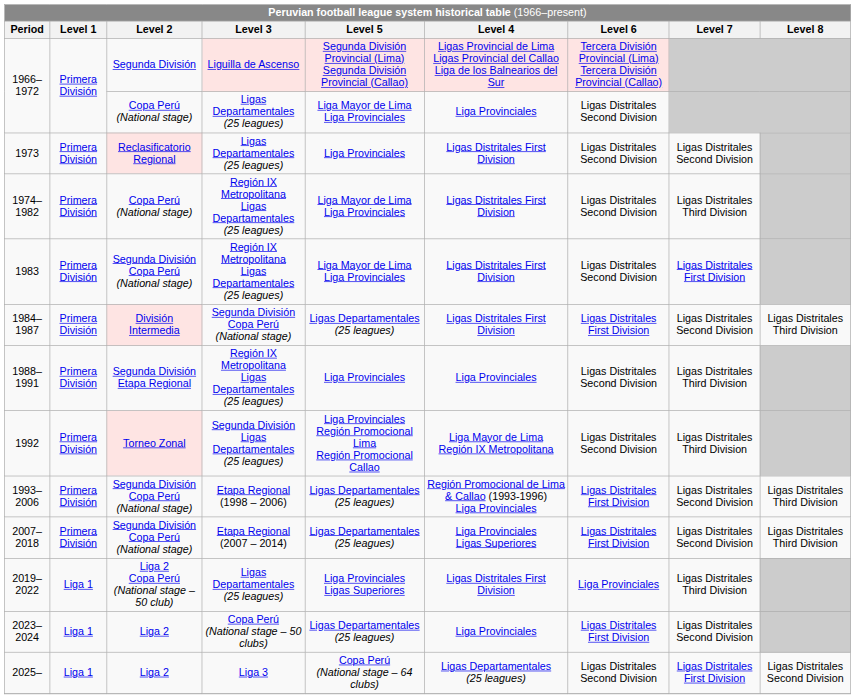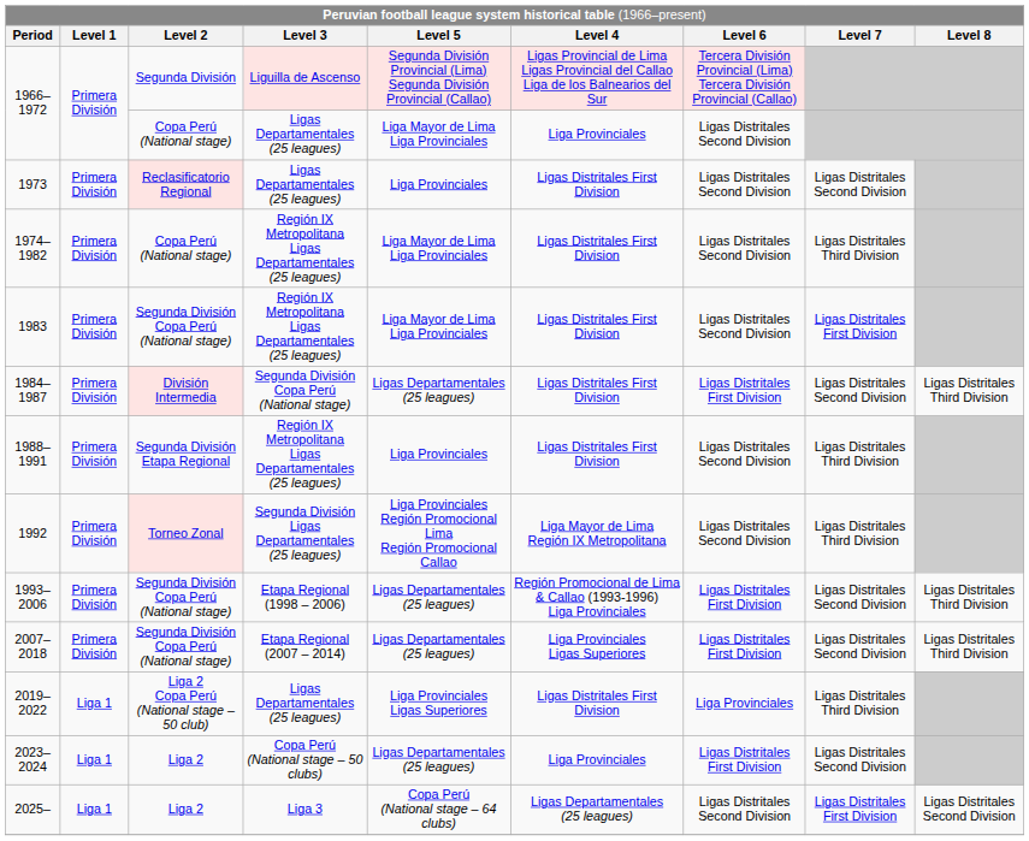 <table class="wikitable sortable" style="text-align:center; margin-right:auto; margin-left: left;">
 <tr>
 <td colspan="9" style="background:#888888; color:#ffffff"><strong>Peruvian football league system historical table</strong> (1966–present)</td>
 </tr>
 <tr style="background:#dddddd;">
 <th>Period</th>
 <th>Level 1</th>
 <th>Level 2</th>
 <th>Level 3</th>
 <th>Level 5</th>
 <th>Level 4</th>
 <th>Level 6</th>
 <th>Level 7</th>
 <th>Level 8</th>
 </tr>
 <tr>
 <td rowspan=2>1966–1972</td>
 <td rowspan="2"><a href='#'>Primera División</a></td>
 <td><a href='#'>Segunda División</a></td>
 <td style=background:#fee4e3><a href='#'>Liguilla de Ascenso</a></td>
 <td style="background:#fee4e3"><a href='#'>Segunda División Provincial (Lima)</a><br><a href='#'>Segunda División Provincial (Callao)</a></td>
 <td style="background:#fee4e3"><a href='#'>Ligas Provincial de Lima</a><br><a href='#'>Ligas Provincial del Callao</a><br><a href='#'>Liga de los Balnearios del Sur</a></td>
 <td style="background:#fee4e3"><a href='#'>Tercera División Provincial (Lima)</a><br><a href='#'>Tercera División Provincial (Callao)</a></td>
 <td colspan="2" style="background:#cccccc;"></td>
 </tr>
 <tr>
 <td><a href='#'>Copa Perú</a> <br> <em>(National stage)</em></td>
 <td><a href='#'>Ligas Departamentales</a> <br> <em>(25 leagues)</em></td>
 <td><a href='#'>Liga Mayor de Lima</a><br> <a href='#'>Liga Provinciales</a></td>
 <td><a href='#'>Liga Provinciales</a></td>
 <td>Ligas Distritales Second Division</td>
 <td colspan="2" style="background:#cccccc;"></td>
 </tr>
 <tr>
 <td>1973</td>
 <td><a href='#'>Primera División</a></td>
 <td style=background:#fee4e3><a href='#'>Reclasificatorio Regional</a></td>
 <td><a href='#'>Ligas Departamentales</a> <br> <em>(25 leagues)</em></td>
 <td><a href='#'>Liga Provinciales</a></td>
 <td><a href='#'>Ligas Distritales First Division</a></td>
 <td>Ligas Distritales Second Division</td>
 <td>Ligas Distritales Second Division</td>
 <td colspan="1" style="background:#cccccc;"></td>
 </tr>
 <tr>
 <td>1974–1982</td>
 <td><a href='#'>Primera División</a></td>
 <td><a href='#'>Copa Perú</a> <br> <em>(National stage)</em></td>
 <td><a href='#'>Región IX Metropolitana</a><br><a href='#'>Ligas Departamentales</a> <br> <em>(25 leagues)</em></td>
 <td><a href='#'>Liga Mayor de Lima</a><br> <a href='#'>Liga Provinciales</a></td>
 <td><a href='#'>Ligas Distritales First Division</a></td>
 <td>Ligas Distritales Second Division</td>
 <td>Ligas Distritales Third Division</td>
 <td colspan="1" style="background:#cccccc;"></td>
 </tr>
 <tr>
 <td>1983</td>
 <td><a href='#'>Primera División</a></td>
 <td><a href='#'>Segunda División</a> <br> <a href='#'>Copa Perú</a> <br> <em>(National stage)</em></td>
 <td><a href='#'>Región IX Metropolitana</a><br><a href='#'>Ligas Departamentales</a> <br> <em>(25 leagues)</em></td>
 <td><a href='#'>Liga Mayor de Lima</a><br> <a href='#'>Liga Provinciales</a></td>
 <td><a href='#'>Ligas Distritales First Division</a></td>
 <td>Ligas Distritales Second Division</td>
 <td><a href='#'>Ligas Distritales First Division</a></td>
 <td colspan="1" style="background:#cccccc;"></td>
 </tr>
 <tr>
 <td>1984–1987</td>
 <td><a href='#'>Primera División</a></td>
 <td style=background:#fee4e3><a href='#'>División Intermedia</a></td>
 <td><a href='#'>Segunda División</a><br><a href='#'>Copa Perú</a> <br> <em>(National stage)</em></td>
 <td><a href='#'>Ligas Departamentales</a><br><em>(25 leagues)</em></td>
 <td><a href='#'>Ligas Distritales First Division</a></td>
 <td><a href='#'>Ligas Distritales First Division</a></td>
 <td>Ligas Distritales Second Division</td>
 <td>Ligas Distritales Third Division</td>
 </tr>
 <tr>
 <td>1988–1991</td>
 <td><a href='#'>Primera División</a></td>
 <td><a href='#'>Segunda División</a> <br> <a href='#'>Etapa Regional</a></td>
 <td><a href='#'>Región IX Metropolitana</a><br><a href='#'>Ligas Departamentales</a> <br> <em>(25 leagues)</em></td>
 <td><a href='#'>Liga Provinciales</a></td>
-<td><a href='#'>Liga Provinciales</a></td>
+<td><a href='#'>Ligas Distritales First Division</a></td>
 <td>Ligas Distritales Second Division</td>
 <td>Ligas Distritales Third Division</td>
 <td colspan="1" style="background:#cccccc;"></td>
 </tr>
 <tr>
 <td>1992</td>
 <td><a href='#'>Primera División</a></td>
 <td style=background:#fee4e3><a href='#'>Torneo Zonal</a></td>
 <td><a href='#'>Segunda División</a> <br> <a href='#'>Ligas Departamentales</a> <br> <em>(25 leagues)</em></td>
 <td><a href='#'>Liga Provinciales</a><br><a href='#'>Región Promocional Lima</a><br><a href='#'>Región Promocional Callao</a></td>
 <td><a href='#'>Liga Mayor de Lima</a><br><a href='#'>Región IX Metropolitana</a></td>
 <td>Ligas Distritales Second Division</td>
 <td>Ligas Distritales Third Division</td>
 <td colspan="1" style="background:#cccccc;"></td>
 </tr>
 <tr>
 <td>1993–2006</td>
 <td><a href='#'>Primera División</a></td>
 <td><a href='#'>Segunda División</a>  <br> <a href='#'>Copa Perú</a> <br> <em>(National stage)</em></td>
 <td><a href='#'>Etapa Regional</a><br>(1998 – 2006)</td>
 <td><a href='#'>Ligas Departamentales</a> <br> <em>(25 leagues)</em></td>
 <td><a href='#'>Región Promocional de Lima & Callao</a> (1993-1996)<br> <a href='#'>Liga Provinciales</a></td>
 <td><a href='#'>Ligas Distritales First Division</a></td>
 <td>Ligas Distritales Second Division</td>
 <td>Ligas Distritales Third Division</td>
 </tr>
 <tr>
 <td>2007–2018</td>
 <td><a href='#'>Primera División</a></td>
 <td><a href='#'>Segunda División</a> <br> <a href='#'>Copa Perú</a> <br> <em>(National stage)</em></td>
 <td><a href='#'>Etapa Regional</a><br>(2007 – 2014)</td>
 <td><a href='#'>Ligas Departamentales</a> <br> <em>(25 leagues)</em></td>
 <td><a href='#'>Liga Provinciales</a> <br><a href='#'>Ligas Superiores</a></td>
 <td><a href='#'>Ligas Distritales First Division</a></td>
 <td>Ligas Distritales Second Division</td>
 <td>Ligas Distritales Third Division</td>
 </tr>
 <tr>
 <td>2019–2022</td>
 <td><a href='#'>Liga 1</a></td>
 <td><a href='#'>Liga 2</a> <br> <a href='#'>Copa Perú</a> <br> <em>(National stage – 50 club)</em></td>
 <td><a href='#'>Ligas Departamentales</a> <br> <em>(25 leagues)</em></td>
 <td><a href='#'>Liga Provinciales</a> <br> <a href='#'>Ligas Superiores</a></td>
 <td><a href='#'>Ligas Distritales First Division</a></td>
 <td><a href='#'>Liga Provinciales</a></td>
 <td>Ligas Distritales Third Division</td>
 <td colspan="1" style="background:#cccccc;"></td>
 </tr>
 <tr>
 <td>2023–2024</td>
 <td><a href='#'>Liga 1</a></td>
 <td><a href='#'>Liga 2</a></td>
 <td><a href='#'>Copa Perú</a> <br> <em>(National stage – 50 clubs)</em></td>
 <td><a href='#'>Ligas Departamentales</a> <br> <em>(25 leagues)</em></td>
 <td><a href='#'>Liga Provinciales</a></td>
 <td><a href='#'>Ligas Distritales First Division</a></td>
 <td>Ligas Distritales Second Division</td>
 <td style="background:#cccccc;"></td>
 </tr>
 <tr>
 <td>2025–</td>
 <td><a href='#'>Liga 1</a></td>
 <td><a href='#'>Liga 2</a></td>
 <td><a href='#'>Liga 3</a></td>
 <td><a href='#'>Copa Perú</a><br><em>(National stage – 64 clubs)</em></td>
 <td><a href='#'>Ligas Departamentales</a><br><em>(25 leagues)</em></td>
 <td>Ligas Distritales Second Division</td>
 <td><a href='#'>Ligas Distritales First Division</a></td>
 <td>Ligas Distritales Second Division</td>
 </tr>
 <tr>
 </tr>
 </table>
